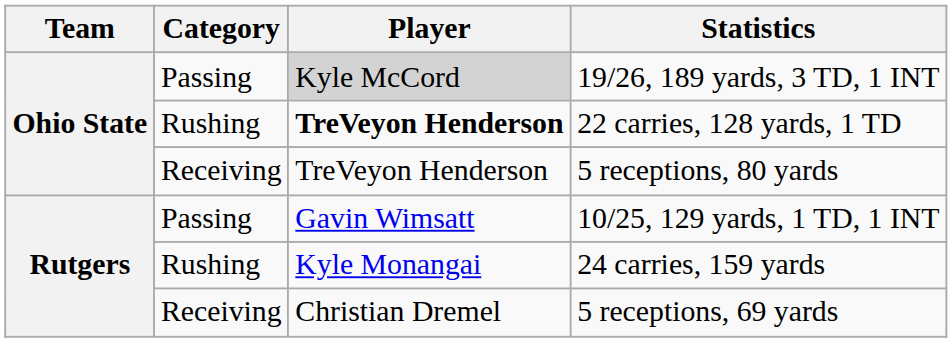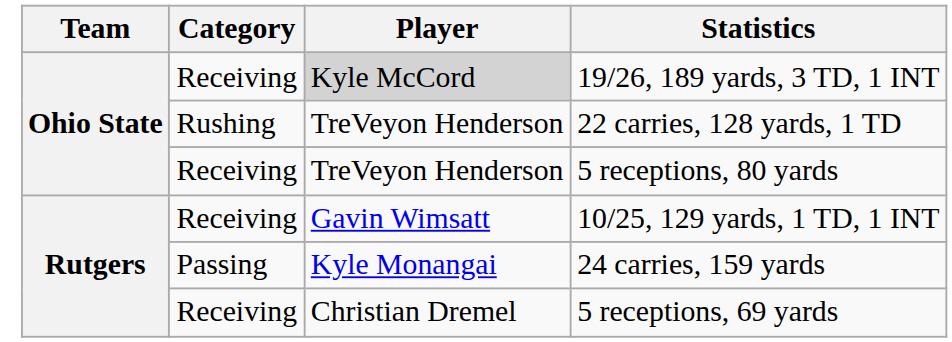 <table class="wikitable" style="float:right">
 <tr>
 <th>Team</th>
 <th>Category</th>
 <th>Player</th>
 <th>Statistics</th>
 </tr>
 <tr>
 <th rowspan=3>Ohio State</th>
-<td>Passing</td>
+<td>Receiving</td>
 <td style="background: lightgrey;">Kyle McCord</td>
 <td>19/26, 189 yards, 3 TD, 1 INT</td>
 </tr>
 <tr>
 <td>Rushing</td>
-<td><strong>TreVeyon Henderson</strong></td>
+<td>TreVeyon Henderson</td>
 <td>22 carries, 128 yards, 1 TD</td>
 </tr>
 <tr>
 <td>Receiving</td>
 <td>TreVeyon Henderson</td>
 <td>5 receptions, 80 yards</td>
 </tr>
 <tr>
 <th rowspan=3>Rutgers</th>
-<td>Passing</td>
+<td>Receiving</td>
 <td><a href='#'>Gavin Wimsatt</a></td>
 <td>10/25, 129 yards, 1 TD, 1 INT</td>
 </tr>
 <tr>
-<td>Rushing</td>
+<td>Passing</td>
 <td><a href='#'>Kyle Monangai</a></td>
 <td>24 carries, 159 yards</td>
 </tr>
 <tr>
 <td>Receiving</td>
 <td>Christian Dremel</td>
 <td>5 receptions, 69 yards</td>
 </tr>
 </table>
